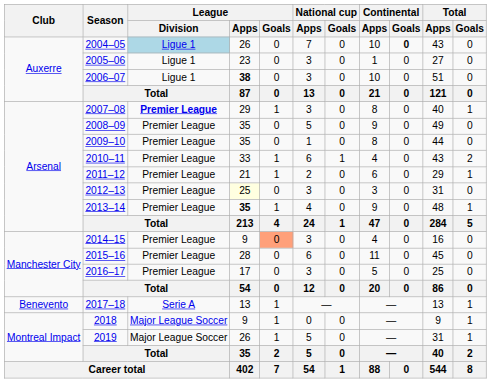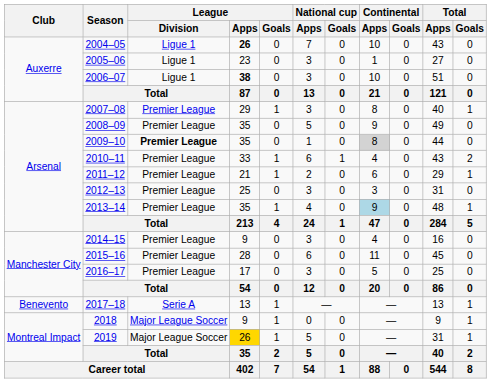 <table class="wikitable" style="text-align: center;">
 <tr>
 <th rowspan="2">Club</th>
 <th rowspan="2">Season</th>
 <th colspan="3">League</th>
 <th colspan="2">National cup</th>
 <th colspan="2">Continental</th>
 <th colspan="2">Total</th>
 </tr>
 <tr>
 <th>Division</th>
 <th>Apps</th>
 <th>Goals</th>
 <th>Apps</th>
 <th>Goals</th>
 <th>Apps</th>
 <th>Goals</th>
 <th>Apps</th>
 <th>Goals</th>
 </tr>
 <tr>
 <td rowspan="4"><a href='#'>Auxerre</a></td>
 <td><a href='#'>2004–05</a></td>
-<td style="background: lightblue;"><a href='#'>Ligue 1</a></td>
-<td>26</td>
+<td><a href='#'>Ligue 1</a></td>
+<td><strong>26</strong></td>
 <td>0</td>
 <td>7</td>
 <td>0</td>
 <td>10</td>
-<td><strong>0</strong></td>
+<td>0</td>
 <td>43</td>
 <td>0</td>
 </tr>
 <tr>
 <td><a href='#'>2005–06</a></td>
 <td>Ligue 1</td>
 <td>23</td>
 <td>0</td>
 <td>3</td>
 <td>0</td>
 <td>1</td>
 <td>0</td>
 <td>27</td>
 <td>0</td>
 </tr>
 <tr>
 <td><a href='#'>2006–07</a></td>
 <td>Ligue 1</td>
 <td><strong>38</strong></td>
 <td>0</td>
 <td>3</td>
 <td>0</td>
 <td>10</td>
 <td>0</td>
 <td>51</td>
 <td>0</td>
 </tr>
 <tr>
 <th colspan="2">Total</th>
 <th>87</th>
 <th>0</th>
 <th>13</th>
 <th>0</th>
 <th>21</th>
 <th>0</th>
 <th>121</th>
 <th>0</th>
 </tr>
 <tr>
 <td rowspan="8"><a href='#'>Arsenal</a></td>
 <td><a href='#'>2007–08</a></td>
-<td><strong><a href='#'>Premier League</a></strong></td>
+<td><a href='#'>Premier League</a></td>
 <td>29</td>
 <td>1</td>
 <td>3</td>
 <td>0</td>
 <td>8</td>
 <td>0</td>
 <td>40</td>
 <td>1</td>
 </tr>
 <tr>
 <td><a href='#'>2008–09</a></td>
 <td>Premier League</td>
 <td>35</td>
 <td>0</td>
 <td>5</td>
 <td>0</td>
 <td>9</td>
 <td>0</td>
 <td>49</td>
 <td>0</td>
 </tr>
 <tr>
 <td><a href='#'>2009–10</a></td>
-<td>Premier League</td>
+<td><strong>Premier League</strong></td>
 <td>35</td>
 <td>0</td>
 <td>1</td>
 <td>0</td>
-<td>8</td>
+<td style="background: lightgrey;">8</td>
 <td>0</td>
 <td>44</td>
 <td>0</td>
 </tr>
 <tr>
 <td><a href='#'>2010–11</a></td>
 <td>Premier League</td>
 <td>33</td>
 <td>1</td>
 <td>6</td>
 <td>1</td>
 <td>4</td>
 <td>0</td>
 <td>43</td>
 <td>2</td>
 </tr>
 <tr>
 <td><a href='#'>2011–12</a></td>
 <td>Premier League</td>
 <td>21</td>
 <td>1</td>
 <td>2</td>
 <td>0</td>
 <td>6</td>
 <td>0</td>
 <td>29</td>
 <td>1</td>
 </tr>
 <tr>
 <td><a href='#'>2012–13</a></td>
 <td>Premier League</td>
-<td style="background: lightyellow;">25</td>
+<td>25</td>
 <td>0</td>
 <td>3</td>
 <td>0</td>
 <td>3</td>
 <td>0</td>
 <td>31</td>
 <td>0</td>
 </tr>
 <tr>
 <td><a href='#'>2013–14</a></td>
 <td>Premier League</td>
-<td><strong>35</strong></td>
+<td>35</td>
 <td>1</td>
 <td>4</td>
 <td>0</td>
-<td>9</td>
+<td style="background: lightblue;">9</td>
 <td>0</td>
 <td>48</td>
 <td>1</td>
 </tr>
 <tr>
 <th colspan="2">Total</th>
 <th>213</th>
 <th>4</th>
 <th>24</th>
 <th>1</th>
 <th>47</th>
 <th>0</th>
 <th>284</th>
 <th>5</th>
 </tr>
 <tr>
 <td rowspan="4"><a href='#'>Manchester City</a></td>
 <td><a href='#'>2014–15</a></td>
 <td>Premier League</td>
 <td>9</td>
-<td style="background: lightsalmon;">0</td>
+<td>0</td>
 <td>3</td>
 <td>0</td>
 <td>4</td>
 <td>0</td>
 <td>16</td>
 <td>0</td>
 </tr>
 <tr>
 <td><a href='#'>2015–16</a></td>
 <td>Premier League</td>
 <td>28</td>
 <td>0</td>
 <td>6</td>
 <td>0</td>
 <td>11</td>
 <td>0</td>
 <td>45</td>
 <td>0</td>
 </tr>
 <tr>
 <td><a href='#'>2016–17</a></td>
 <td>Premier League</td>
 <td>17</td>
 <td>0</td>
 <td>3</td>
 <td>0</td>
 <td>5</td>
 <td>0</td>
 <td>25</td>
 <td>0</td>
 </tr>
 <tr>
 <th colspan="2">Total</th>
 <th>54</th>
 <th>0</th>
 <th>12</th>
 <th>0</th>
 <th>20</th>
 <th>0</th>
 <th>86</th>
 <th>0</th>
 </tr>
 <tr>
 <td><a href='#'>Benevento</a></td>
 <td><a href='#'>2017–18</a></td>
 <td><a href='#'>Serie A</a></td>
 <td>13</td>
 <td>1</td>
 <td colspan="2">—</td>
 <td colspan="2">—</td>
 <td>13</td>
 <td>1</td>
 </tr>
 <tr>
 <td rowspan="3"><a href='#'>Montreal Impact</a></td>
 <td><a href='#'>2018</a></td>
 <td><a href='#'>Major League Soccer</a></td>
 <td>9</td>
 <td>1</td>
 <td>0</td>
 <td>0</td>
 <td colspan="2">—</td>
 <td>9</td>
 <td>1</td>
 </tr>
 <tr>
 <td><a href='#'>2019</a></td>
 <td>Major League Soccer</td>
-<td>26</td>
+<td style="background: gold;">26</td>
 <td>1</td>
 <td>5</td>
 <td>0</td>
 <td colspan="2">—</td>
 <td>31</td>
 <td>1</td>
 </tr>
 <tr>
 <th colspan="2">Total</th>
 <th>35</th>
 <th>2</th>
 <th>5</th>
 <th>0</th>
 <th colspan="2">—</th>
 <th>40</th>
 <th>2</th>
 </tr>
 <tr>
 <th colspan="3">Career total</th>
 <th>402</th>
 <th>7</th>
 <th>54</th>
 <th>1</th>
 <th>88</th>
 <th>0</th>
 <th>544</th>
 <th>8</th>
 </tr>
 </table>
